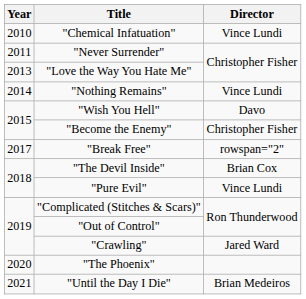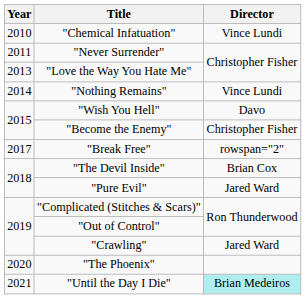 <table class="wikitable" style="text-align: center">
 <tr>
 <th>Year</th>
 <th>Title</th>
 <th>Director</th>
 </tr>
 <tr>
 <td>2010</td>
 <td>"Chemical Infatuation"</td>
 <td>Vince Lundi</td>
 </tr>
 <tr>
 <td>2011</td>
 <td>"Never Surrender"</td>
 <td rowspan="2">Christopher Fisher</td>
 </tr>
 <tr>
 <td>2013</td>
 <td>"Love the Way You Hate Me"</td>
 </tr>
 <tr>
 <td>2014</td>
 <td>"Nothing Remains"</td>
 <td>Vince Lundi</td>
 </tr>
 <tr>
 <td rowspan="2">2015</td>
 <td>"Wish You Hell"</td>
 <td>Davo</td>
 </tr>
 <tr>
 <td>"Become the Enemy"</td>
 <td>Christopher Fisher</td>
 </tr>
 <tr>
 <td>2017</td>
 <td>"Break Free"</td>
 <td>rowspan="2" </td>
 </tr>
 <tr>
 <td rowspan="2">2018</td>
 <td>"The Devil Inside"</td>
 <td>Brian Cox</td>
 </tr>
 <tr>
 <td>"Pure Evil"</td>
-<td>Vince Lundi</td>
+<td>Jared Ward</td>
 </tr>
 <tr>
 <td rowspan="3">2019</td>
 <td>"Complicated (Stitches & Scars)"</td>
 <td rowspan="2">Ron Thunderwood</td>
 </tr>
 <tr>
 <td>"Out of Control"</td>
 </tr>
 <tr>
 <td>"Crawling"</td>
 <td>Jared Ward</td>
 </tr>
 <tr>
 <td>2020</td>
 <td>"The Phoenix"</td>
 </tr>
 <tr>
 <td>2021</td>
 <td>"Until the Day I Die"</td>
-<td>Brian Medeiros</td>
+<td style="background: paleturquoise;">Brian Medeiros</td>
 </tr>
 </table>
